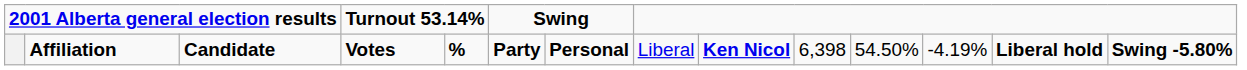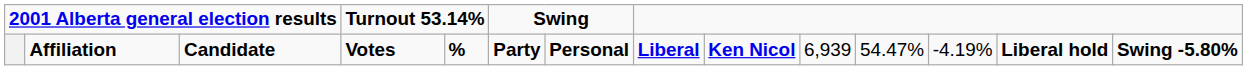 <table class="wikitable">
 <tr>
 <td colspan="3" align=center><strong><a href='#'>2001 Alberta general election</a> results</strong></td>
 <td colspan="2"><strong>Turnout 53.14%</strong></td>
 <td colspan="2" align=center><strong>Swing</strong></td>
 </tr>
 <tr>
 <th style="width: 10px;"></th>
 <td><strong>Affiliation</strong></td>
 <td><strong>Candidate</strong></td>
 <td><strong>Votes</strong></td>
 <td><strong>%</strong></td>
 <td><strong>Party</strong></td>
 <td><strong>Personal</strong><br></td>
-<td><a href='#'>Liberal</a></td>
+<td><strong><a href='#'>Liberal</a></strong></td>
 <td><strong><a href='#'>Ken Nicol</a></strong></td>
-<td>6,398</td>
-<td>54.50%</td>
+<td>6,939</td>
+<td>54.47%</td>
 <td colspan=2 align=center>-4.19%<br>      </td>
 <td colspan=4><strong>Liberal hold</strong></td>
 <td colspan=2><strong>Swing -5.80%</strong></td>
 </tr>
 </table>
